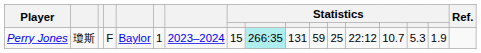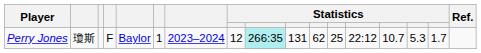 <table class="wikitable sortable" style="font-size:95%; text-align:right;">
 <tr>
 <th rowspan="2">Player</th>
 <th rowspan="2"></th>
 <th rowspan="2"></th>
 <th rowspan="2"></th>
 <th rowspan="2"></th>
 <th rowspan="2"></th>
 <th rowspan="2"></th>
 <th colspan="9">Statistics</th>
 <th rowspan="2">Ref.</th>
 </tr>
 <tr>
 <th></th>
 <th></th>
 <th></th>
 <th></th>
 <th></th>
 <th></th>
 <th></th>
 <th></th>
 <th></th>
 </tr>
 <tr>
 <td align="left"><em><a href='#'>Perry Jones</a></em></td>
 <td align="left">瓊斯</td>
 <td align="center"></td>
 <td align="center">F</td>
 <td align="left"><a href='#'>Baylor</a></td>
 <td align="center">1</td>
 <td align="center"><a href='#'>2023–2024</a></td>
-<td>15</td>
+<td>12</td>
 <td style="background: paleturquoise;">266:35</td>
 <td>131</td>
-<td>59</td>
+<td>62</td>
 <td>25</td>
 <td>22:12</td>
 <td>10.7</td>
 <td>5.3</td>
-<td>1.9</td>
+<td>1.7</td>
 <td align="center"></td>
 </tr>
 </table>
